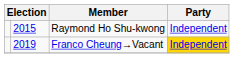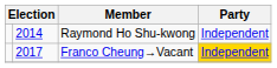 <table class="wikitable">
 <tr>
 <th colspan="2">Election</th>
 <th>Member</th>
 <th>Party</th>
 </tr>
 <tr>
 <td style="background-color:"></td>
-<td><a href='#'>2015</a></td>
+<td><a href='#'>2014</a></td>
 <td>Raymond Ho Shu-kwong</td>
 <td><a href='#'>Independent</a></td>
 </tr>
 <tr>
 <td style="background-color:"></td>
-<td><a href='#'>2019</a></td>
+<td><a href='#'>2017</a></td>
 <td><a href='#'>Franco Cheung</a>→Vacant</td>
 <td style="background: gold;"><a href='#'>Independent</a></td>
 </tr>
 <tr>
 </tr>
 </table>
